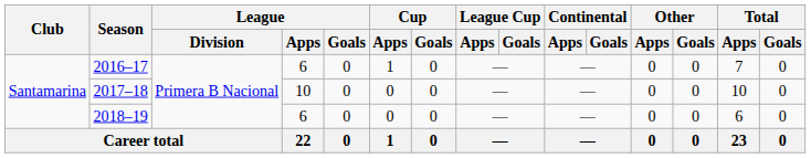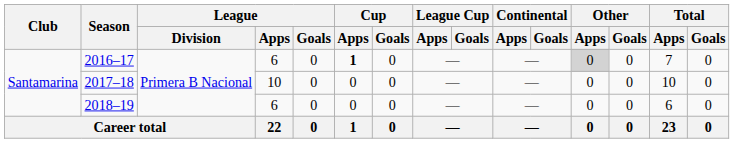 <table class="wikitable" style="text-align:center">
 <tr>
 <th rowspan="2">Club</th>
 <th rowspan="2">Season</th>
 <th colspan="3">League</th>
 <th colspan="2">Cup</th>
 <th colspan="2">League Cup</th>
 <th colspan="2">Continental</th>
 <th colspan="2">Other</th>
 <th colspan="2">Total</th>
 </tr>
 <tr>
 <th>Division</th>
 <th>Apps</th>
 <th>Goals</th>
 <th>Apps</th>
 <th>Goals</th>
 <th>Apps</th>
 <th>Goals</th>
 <th>Apps</th>
 <th>Goals</th>
 <th>Apps</th>
 <th>Goals</th>
 <th>Apps</th>
 <th>Goals</th>
 </tr>
 <tr>
 <td rowspan="3"><a href='#'>Santamarina</a></td>
 <td><a href='#'>2016–17</a></td>
 <td rowspan="3"><a href='#'>Primera B Nacional</a></td>
 <td>6</td>
 <td>0</td>
-<td>1</td>
+<td><strong>1</strong></td>
 <td>0</td>
 <td colspan="2">—</td>
 <td colspan="2">—</td>
-<td>0</td>
+<td style="background: lightgrey;">0</td>
 <td>0</td>
 <td>7</td>
 <td>0</td>
 </tr>
 <tr>
 <td><a href='#'>2017–18</a></td>
 <td>10</td>
 <td>0</td>
 <td>0</td>
 <td>0</td>
 <td colspan="2">—</td>
 <td colspan="2">—</td>
 <td>0</td>
 <td>0</td>
 <td>10</td>
 <td>0</td>
 </tr>
 <tr>
 <td><a href='#'>2018–19</a></td>
 <td>6</td>
 <td>0</td>
 <td>0</td>
 <td>0</td>
 <td colspan="2">—</td>
 <td colspan="2">—</td>
 <td>0</td>
 <td>0</td>
 <td>6</td>
 <td>0</td>
 </tr>
 <tr>
 <th colspan="3">Career total</th>
 <th>22</th>
 <th>0</th>
 <th>1</th>
 <th>0</th>
 <th colspan="2">—</th>
 <th colspan="2">—</th>
 <th>0</th>
 <th>0</th>
 <th>23</th>
 <th>0</th>
 </tr>
 </table>
